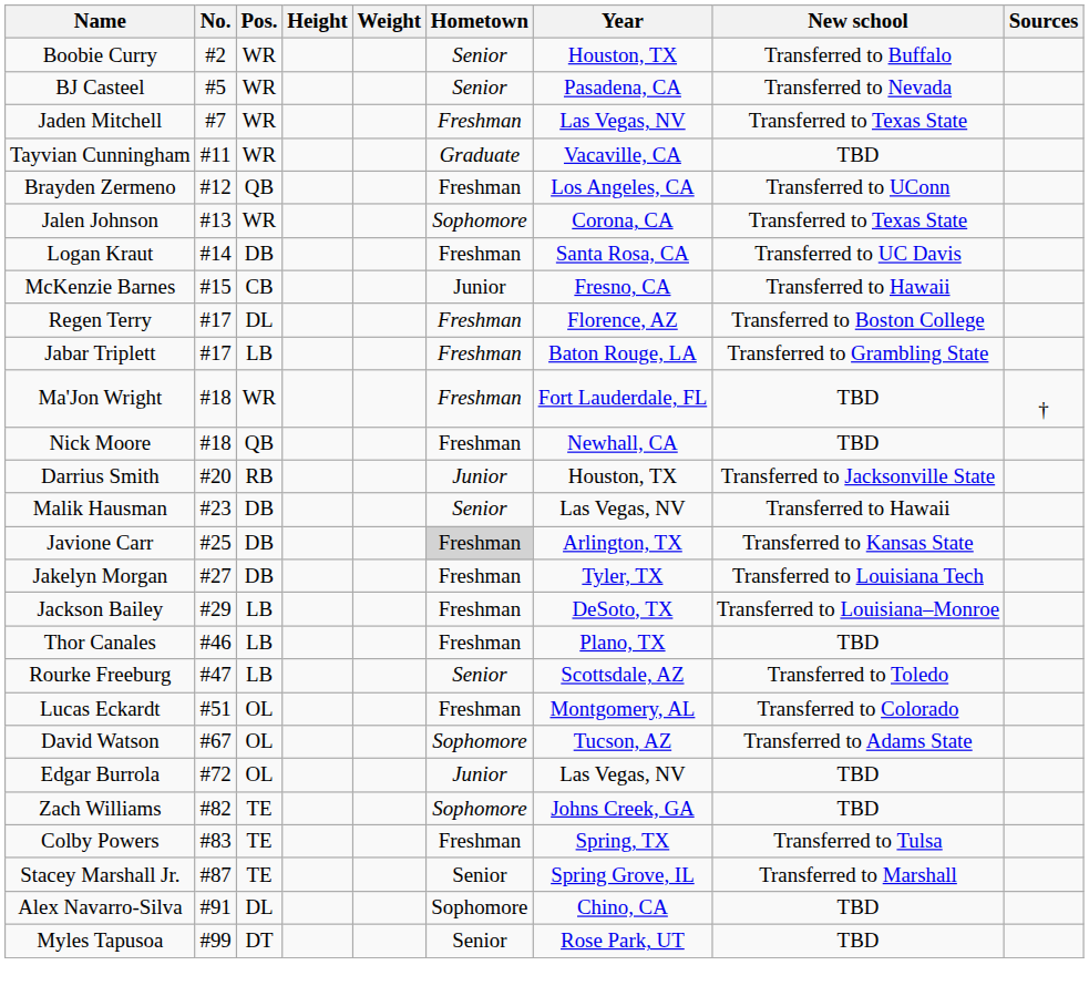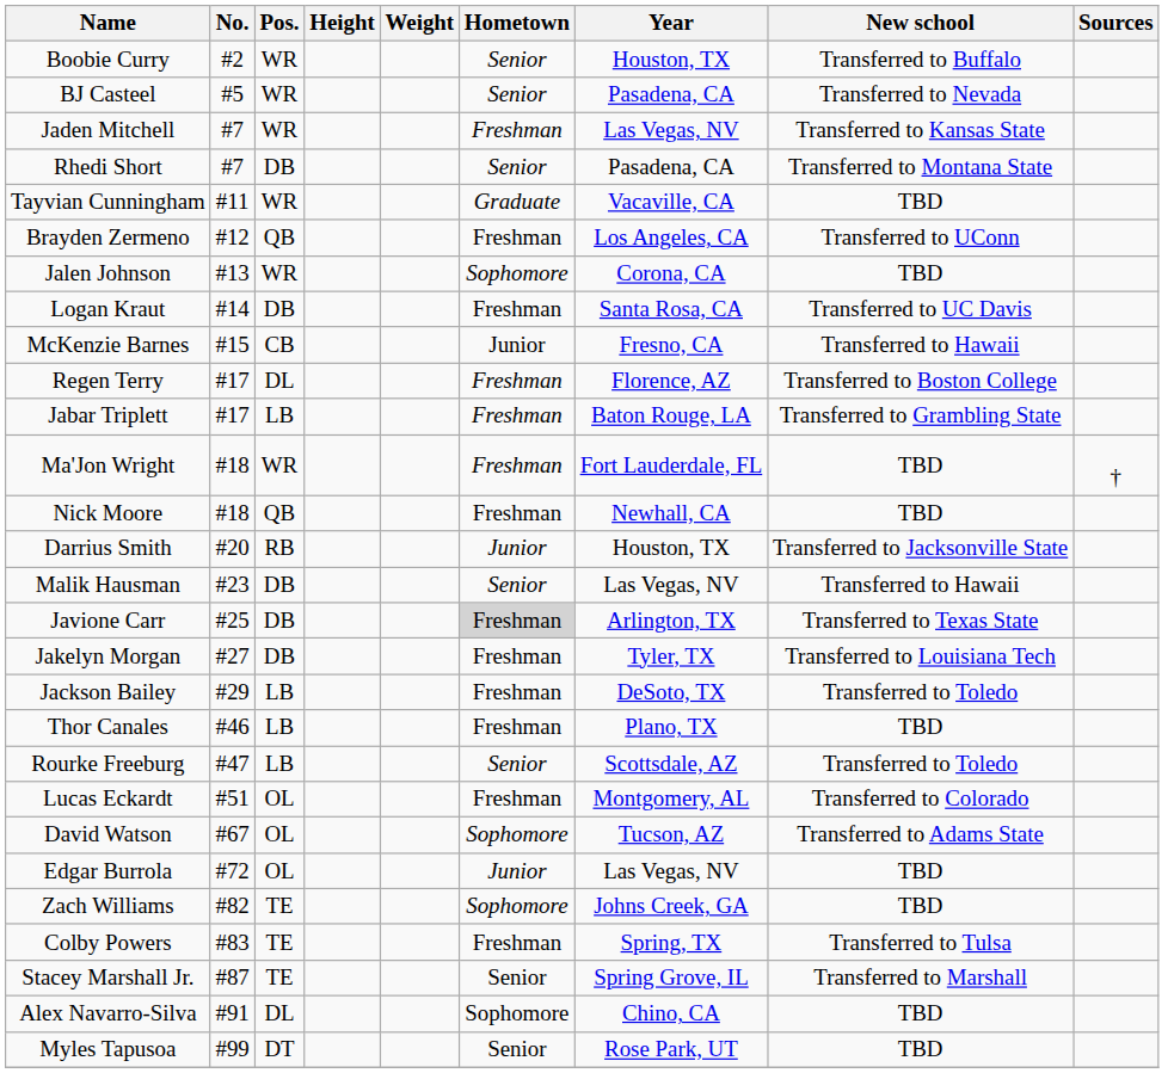 <table class="wikitable sortable sortable" style="text-align: center">
 <tr align=center>
 <th style="text-align:center; ">Name</th>
 <th style="text-align:center; ">No.</th>
 <th style="text-align:center; ">Pos.</th>
 <th style="text-align:center; ">Height</th>
 <th style="text-align:center; ">Weight</th>
 <th style="text-align:center; ">Hometown</th>
 <th style="text-align:center; ">Year</th>
 <th style="text-align:center; ">New school</th>
 <th style="text-align:center; ">Sources</th>
 </tr>
 <tr>
 <td>Boobie Curry</td>
 <td>#2</td>
 <td>WR</td>
 <td></td>
 <td></td>
 <td><em> Senior</em></td>
 <td><a href='#'>Houston, TX</a></td>
 <td>Transferred to <a href='#'>Buffalo</a></td>
 <td></td>
 </tr>
 <tr>
 <td>BJ Casteel</td>
 <td>#5</td>
 <td>WR</td>
 <td></td>
 <td></td>
 <td><em> Senior</em></td>
 <td><a href='#'>Pasadena, CA</a></td>
 <td>Transferred to <a href='#'>Nevada</a></td>
 <td></td>
 </tr>
 <tr>
 <td>Jaden Mitchell</td>
 <td>#7</td>
 <td>WR</td>
 <td></td>
 <td></td>
 <td><em> Freshman</em></td>
 <td><a href='#'>Las Vegas, NV</a></td>
-<td>Transferred to <a href='#'>Texas State</a></td>
+<td>Transferred to <a href='#'>Kansas State</a></td>
+<td></td>
+</tr>
+<tr>
+<td>Rhedi Short</td>
+<td>#7</td>
+<td>DB</td>
+<td></td>
+<td></td>
+<td><em> Senior</em></td>
+<td>Pasadena, CA</td>
+<td>Transferred to <a href='#'>Montana State</a></td>
 <td></td>
 </tr>
 <tr>
 <td>Tayvian Cunningham</td>
 <td>#11</td>
 <td>WR</td>
 <td></td>
 <td></td>
 <td><em>  Graduate</em></td>
 <td><a href='#'>Vacaville, CA</a></td>
 <td>TBD</td>
 <td></td>
 </tr>
 <tr>
 <td>Brayden Zermeno</td>
 <td>#12</td>
 <td>QB</td>
 <td></td>
 <td></td>
 <td>Freshman</td>
 <td><a href='#'>Los Angeles, CA</a></td>
 <td>Transferred to <a href='#'>UConn</a></td>
 <td></td>
 </tr>
 <tr>
 <td>Jalen Johnson</td>
 <td>#13</td>
 <td>WR</td>
 <td></td>
 <td></td>
 <td><em> Sophomore</em></td>
 <td><a href='#'>Corona, CA</a></td>
-<td>Transferred to <a href='#'>Texas State</a></td>
+<td>TBD</td>
 <td></td>
 </tr>
 <tr>
 <td>Logan Kraut</td>
 <td>#14</td>
 <td>DB</td>
 <td></td>
 <td></td>
 <td>Freshman</td>
 <td><a href='#'>Santa Rosa, CA</a></td>
 <td>Transferred to <a href='#'>UC Davis</a></td>
 <td></td>
 </tr>
 <tr>
 <td>McKenzie Barnes</td>
 <td>#15</td>
 <td>CB</td>
 <td></td>
 <td></td>
 <td>Junior</td>
 <td><a href='#'>Fresno, CA</a></td>
 <td>Transferred to <a href='#'>Hawaii</a></td>
 <td></td>
 </tr>
 <tr>
 <td>Regen Terry</td>
 <td>#17</td>
 <td>DL</td>
 <td></td>
 <td></td>
 <td><em> Freshman</em></td>
 <td><a href='#'>Florence, AZ</a></td>
 <td>Transferred to <a href='#'>Boston College</a></td>
 <td></td>
 </tr>
 <tr>
 <td>Jabar Triplett</td>
 <td>#17</td>
 <td>LB</td>
 <td></td>
 <td></td>
 <td><em> Freshman</em></td>
 <td><a href='#'>Baton Rouge, LA</a></td>
 <td>Transferred to <a href='#'>Grambling State</a></td>
 </tr>
 <tr>
 <td>Ma'Jon Wright</td>
 <td>#18</td>
 <td>WR</td>
 <td></td>
 <td></td>
 <td><em>Freshman</em></td>
 <td><a href='#'>Fort Lauderdale, FL</a></td>
 <td>TBD</td>
 <td><br>†</td>
 </tr>
 <tr>
 <td>Nick Moore</td>
 <td>#18</td>
 <td>QB</td>
 <td></td>
 <td></td>
 <td>Freshman</td>
 <td><a href='#'>Newhall, CA</a></td>
 <td>TBD</td>
 <td></td>
 </tr>
 <tr>
 <td>Darrius Smith</td>
 <td>#20</td>
 <td>RB</td>
 <td></td>
 <td></td>
 <td><em> Junior</em></td>
 <td>Houston, TX</td>
 <td>Transferred to <a href='#'>Jacksonville State</a></td>
 <td></td>
 </tr>
 <tr>
 <td>Malik Hausman</td>
 <td>#23</td>
 <td>DB</td>
 <td></td>
 <td></td>
 <td><em> Senior</em></td>
 <td>Las Vegas, NV</td>
 <td>Transferred to Hawaii</td>
 <td></td>
 </tr>
 <tr>
 <td>Javione Carr</td>
 <td>#25</td>
 <td>DB</td>
 <td></td>
 <td></td>
 <td style="background: lightgrey;">Freshman</td>
 <td><a href='#'>Arlington, TX</a></td>
-<td>Transferred to <a href='#'>Kansas State</a></td>
+<td>Transferred to <a href='#'>Texas State</a></td>
 <td></td>
 </tr>
 <tr>
 <td>Jakelyn Morgan</td>
 <td>#27</td>
 <td>DB</td>
 <td></td>
 <td></td>
 <td>Freshman</td>
 <td><a href='#'>Tyler, TX</a></td>
 <td>Transferred to <a href='#'>Louisiana Tech</a></td>
 <td></td>
 </tr>
 <tr>
 <td>Jackson Bailey</td>
 <td>#29</td>
 <td>LB</td>
 <td></td>
 <td></td>
 <td>Freshman</td>
 <td><a href='#'>DeSoto, TX</a></td>
-<td>Transferred to <a href='#'>Louisiana–Monroe</a></td>
+<td>Transferred to <a href='#'>Toledo</a></td>
 <td></td>
 </tr>
 <tr>
 <td>Thor Canales</td>
 <td>#46</td>
 <td>LB</td>
 <td></td>
 <td></td>
 <td>Freshman</td>
 <td><a href='#'>Plano, TX</a></td>
 <td>TBD</td>
 <td></td>
 </tr>
 <tr>
 <td>Rourke Freeburg</td>
 <td>#47</td>
 <td>LB</td>
 <td></td>
 <td></td>
 <td><em> Senior</em></td>
 <td><a href='#'>Scottsdale, AZ</a></td>
 <td>Transferred to <a href='#'>Toledo</a></td>
 <td></td>
 </tr>
 <tr>
 <td>Lucas Eckardt</td>
 <td>#51</td>
 <td>OL</td>
 <td></td>
 <td></td>
 <td>Freshman</td>
 <td><a href='#'>Montgomery, AL</a></td>
 <td>Transferred to <a href='#'>Colorado</a></td>
 <td></td>
 </tr>
 <tr>
 <td>David Watson</td>
 <td>#67</td>
 <td>OL</td>
 <td></td>
 <td></td>
 <td><em> Sophomore</em></td>
 <td><a href='#'>Tucson, AZ</a></td>
 <td>Transferred to <a href='#'>Adams State</a></td>
 <td></td>
 </tr>
 <tr>
 <td>Edgar Burrola</td>
 <td>#72</td>
 <td>OL</td>
 <td></td>
 <td></td>
 <td><em> Junior</em></td>
 <td>Las Vegas, NV</td>
 <td>TBD</td>
 <td></td>
 </tr>
 <tr>
 <td>Zach Williams</td>
 <td>#82</td>
 <td>TE</td>
 <td></td>
 <td></td>
 <td><em> Sophomore</em></td>
 <td><a href='#'>Johns Creek, GA</a></td>
 <td>TBD</td>
 <td></td>
 </tr>
 <tr>
 <td>Colby Powers</td>
 <td>#83</td>
 <td>TE</td>
 <td></td>
 <td></td>
 <td>Freshman</td>
 <td><a href='#'>Spring, TX</a></td>
 <td>Transferred to <a href='#'>Tulsa</a></td>
 <td></td>
 </tr>
 <tr>
 <td>Stacey Marshall Jr.</td>
 <td>#87</td>
 <td>TE</td>
 <td></td>
 <td></td>
 <td>Senior</td>
 <td><a href='#'>Spring Grove, IL</a></td>
 <td>Transferred to <a href='#'>Marshall</a></td>
 <td></td>
 </tr>
 <tr>
 <td>Alex Navarro-Silva</td>
 <td>#91</td>
 <td>DL</td>
 <td></td>
 <td></td>
 <td>Sophomore</td>
 <td><a href='#'>Chino, CA</a></td>
 <td>TBD</td>
 <td></td>
 </tr>
 <tr>
 <td>Myles Tapusoa</td>
 <td>#99</td>
 <td>DT</td>
 <td></td>
 <td></td>
 <td>Senior</td>
 <td><a href='#'>Rose Park, UT</a></td>
 <td>TBD</td>
 <td></td>
 </tr>
 <tr>
 </tr>
 </table>
